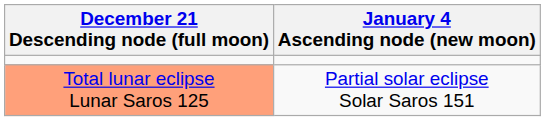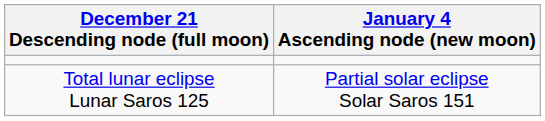 <table class="wikitable">
 <tr>
 <th><a href='#'>December 21</a><br>Descending node (full moon)<br></th>
 <th><a href='#'>January 4</a><br>Ascending node (new moon)<br></th>
 </tr>
 <tr>
 <td></td>
 <td></td>
 </tr>
 <tr align=center>
-<td style="background: lightsalmon;"><a href='#'>Total lunar eclipse</a><br>Lunar Saros 125</td>
+<td><a href='#'>Total lunar eclipse</a><br>Lunar Saros 125</td>
 <td><a href='#'>Partial solar eclipse</a><br>Solar Saros 151</td>
 </tr>
 </table>
